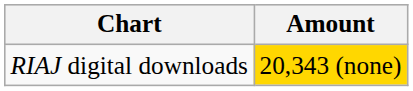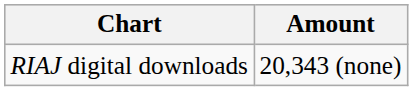 <table class="wikitable">
 <tr>
 <th>Chart</th>
 <th>Amount</th>
 </tr>
 <tr>
 <td><em>RIAJ</em> digital downloads</td>
-<td align="center" style="background: gold;">20,343 (none)</td>
+<td align="center">20,343 (none)</td>
 </tr>
 </table>
